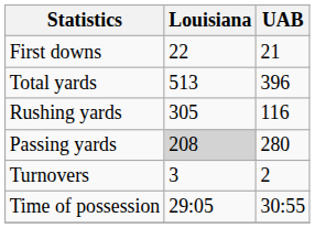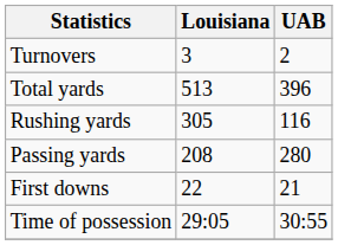 <table class="wikitable">
 <tr>
 <th>Statistics</th>
 <th>Louisiana</th>
 <th>UAB</th>
 </tr>
 <tr>
-<td>First downs</td>
-<td>22</td>
-<td>21</td>
+<td>Turnovers</td>
+<td>3</td>
+<td>2</td>
 </tr>
 <tr>
 <td>Total yards</td>
 <td>513</td>
 <td>396</td>
 </tr>
 <tr>
 <td>Rushing yards</td>
 <td>305</td>
 <td>116</td>
 </tr>
 <tr>
 <td>Passing yards</td>
-<td style="background: lightgrey;">208</td>
+<td>208</td>
 <td>280</td>
 </tr>
 <tr>
-<td>Turnovers</td>
-<td>3</td>
-<td>2</td>
+<td>First downs</td>
+<td>22</td>
+<td>21</td>
 </tr>
 <tr>
 <td>Time of possession</td>
 <td>29:05</td>
 <td>30:55</td>
 </tr>
 <tr>
 </tr>
 </table>
